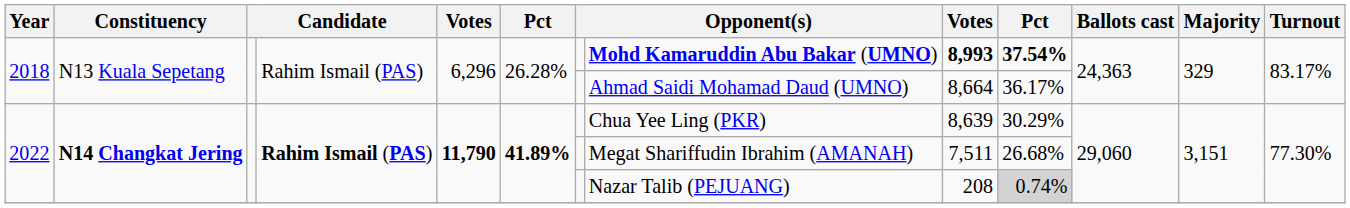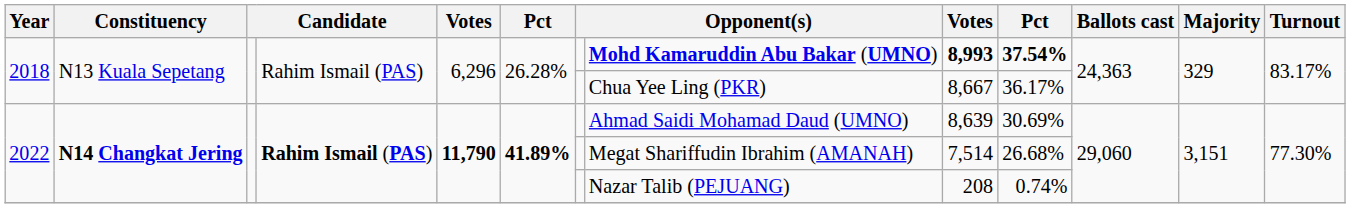 <table class="wikitable" style="margin:0.5em ; font-size:95%">
 <tr>
 <th>Year</th>
 <th>Constituency</th>
 <th colspan=2>Candidate</th>
 <th>Votes</th>
 <th>Pct</th>
 <th colspan=2>Opponent(s)</th>
 <th>Votes</th>
 <th>Pct</th>
 <th>Ballots cast</th>
 <th>Majority</th>
 <th>Turnout</th>
 </tr>
 <tr>
 <td rowspan=2><a href='#'>2018</a></td>
 <td rowspan=2>N13 <a href='#'>Kuala Sepetang</a></td>
 <td rowspan=2 ></td>
 <td rowspan=2>Rahim Ismail (<a href='#'>PAS</a>)</td>
 <td rowspan=2 style="text-align:right;">6,296</td>
 <td rowspan=2>26.28%</td>
 <td></td>
 <td><strong><a href='#'>Mohd Kamaruddin Abu Bakar</a></strong> (<a href='#'><strong>UMNO</strong></a>)</td>
 <td style="text-align:right;"><strong>8,993</strong></td>
 <td><strong>37.54%</strong></td>
 <td rowspan=2>24,363</td>
 <td rowspan=2>329</td>
 <td rowspan=2>83.17%</td>
 </tr>
 <tr>
 <td></td>
-<td><a href='#'>Ahmad Saidi Mohamad Daud</a> (<a href='#'>UMNO</a>)</td>
-<td style="text-align:right;">8,664</td>
+<td>Chua Yee Ling (<a href='#'>PKR</a>)</td>
+<td style="text-align:right;">8,667</td>
 <td>36.17%</td>
 </tr>
 <tr>
 <td rowspan=3><a href='#'>2022</a></td>
 <td rowspan=3><strong>N14 <a href='#'>Changkat Jering</a></strong></td>
 <td rowspan=3 bgcolor=></td>
 <td rowspan=3><strong>Rahim Ismail</strong> (<a href='#'><strong>PAS</strong></a>)</td>
 <td rowspan=3 style="text-align:right;"><strong>11,790</strong></td>
 <td rowspan=3><strong>41.89%</strong></td>
 <td></td>
-<td>Chua Yee Ling (<a href='#'>PKR</a>)</td>
+<td><a href='#'>Ahmad Saidi Mohamad Daud</a> (<a href='#'>UMNO</a>)</td>
 <td style="text-align:right;">8,639</td>
-<td>30.29%</td>
+<td>30.69%</td>
 <td rowspan=3>29,060</td>
 <td rowspan=3>3,151</td>
 <td rowspan=3>77.30%</td>
 </tr>
 <tr>
 <td></td>
 <td>Megat Shariffudin Ibrahim (<a href='#'>AMANAH</a>)</td>
-<td style="text-align:right;">7,511</td>
+<td style="text-align:right;">7,514</td>
 <td>26.68%</td>
 </tr>
 <tr>
 <td bgcolor=></td>
 <td>Nazar Talib (<a href='#'>PEJUANG</a>)</td>
 <td style="text-align:right;">208</td>
-<td style="background: lightgrey; text-align:right;">0.74%</td>
+<td style="text-align:right;">0.74%</td>
 </tr>
 <tr>
 </tr>
 </table>
